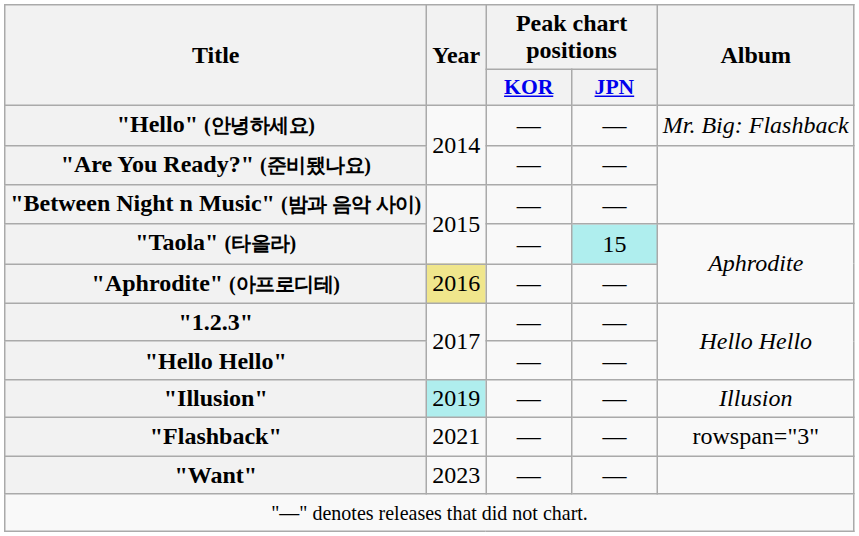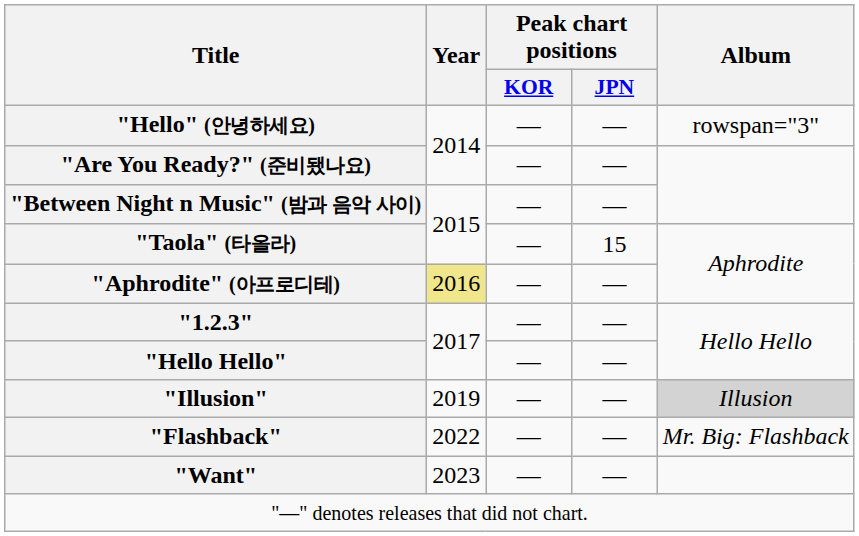 <table class="wikitable plainrowheaders" style="text-align:center;" border="1">
 <tr>
 <th scope="col" rowspan="2">Title</th>
 <th scope="col" rowspan="2">Year</th>
 <th scope="col" colspan="2">Peak chart <br> positions</th>
 <th scope="col" rowspan="2">Album</th>
 </tr>
 <tr>
 <th scope="col" style="width:3.5em;font-size:90%;"><a href='#'>KOR</a><br></th>
 <th scope="col" style="width:3.5em;font-size:90%;"><a href='#'>JPN</a><br></th>
 </tr>
 <tr>
 <th scope="row">"Hello" <small>(안녕하세요)</small></th>
 <td rowspan="2">2014</td>
 <td>—</td>
 <td>—</td>
-<td><em>Mr. Big: Flashback</em></td>
+<td>rowspan="3" </td>
 </tr>
 <tr>
 <th scope="row">"Are You Ready?" <small>(준비됐나요)</small></th>
 <td>—</td>
 <td>—</td>
 </tr>
 <tr>
 <th scope="row">"Between Night n Music" <small>(밤과 음악 사이)</small></th>
 <td rowspan="2">2015</td>
 <td>—</td>
 <td>—</td>
 </tr>
 <tr>
 <th scope="row">"Taola" <small>(타올라)</small></th>
 <td>—</td>
-<td style="background: paleturquoise;">15</td>
+<td>15</td>
 <td rowspan="2"><em>Aphrodite</em></td>
 </tr>
 <tr>
 <th scope="row">"Aphrodite" <small>(아프로디테)</small></th>
 <td style="background: khaki;">2016</td>
 <td>—</td>
 <td>—</td>
 </tr>
 <tr>
 <th scope="row">"1.2.3"</th>
 <td rowspan="2">2017</td>
 <td>—</td>
 <td>—</td>
 <td rowspan="2"><em>Hello Hello</em></td>
 </tr>
 <tr>
 <th scope="row">"Hello Hello"</th>
 <td>—</td>
 <td>—</td>
 </tr>
 <tr>
 <th scope="row">"Illusion"</th>
-<td style="background: paleturquoise;">2019</td>
+<td>2019</td>
 <td>—</td>
 <td>—</td>
-<td><em>Illusion</em></td>
+<td style="background: lightgrey;"><em>Illusion</em></td>
 </tr>
 <tr>
 <th scope="row">"Flashback"</th>
-<td>2021</td>
+<td>2022</td>
 <td>—</td>
 <td>—</td>
-<td>rowspan="3" </td>
+<td><em>Mr. Big: Flashback</em></td>
 </tr>
 <tr>
 <th scope="row">"Want"</th>
 <td>2023</td>
 <td>—</td>
 <td>—</td>
 <td></td>
 </tr>
 <tr>
 <td colspan="6" align="center"><small>"—" denotes releases that did not chart.</small></td>
 </tr>
 </table>
